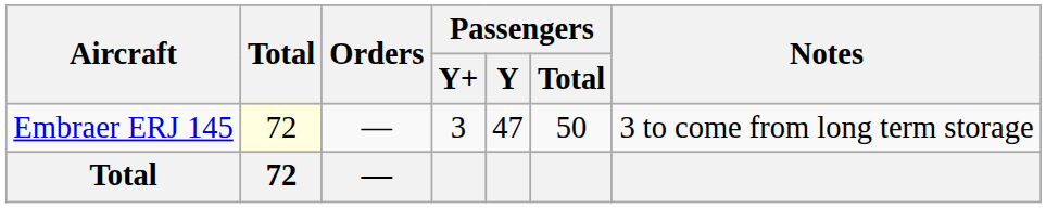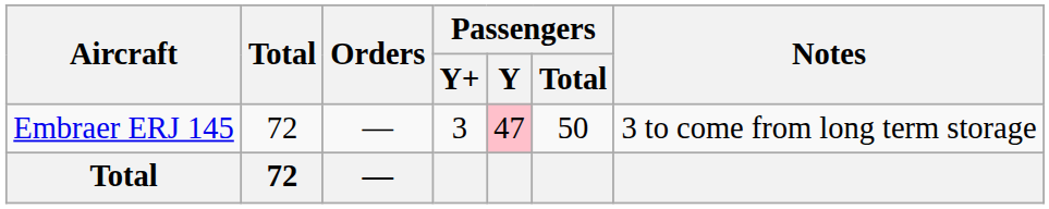 <table class="wikitable" style="text-align:center;margin:auto;">
 <tr>
 <th rowspan="2">Aircraft</th>
 <th rowspan="2">Total</th>
 <th rowspan="2">Orders</th>
 <th colspan="3">Passengers</th>
 <th rowspan="2">Notes</th>
 </tr>
 <tr>
 <th><abbr>Y+</abbr></th>
 <th><abbr>Y</abbr></th>
 <th>Total</th>
 </tr>
 <tr>
 <td><a href='#'>Embraer ERJ 145</a></td>
-<td style="background: lightyellow;">72</td>
+<td>72</td>
 <td>—</td>
 <td>3</td>
-<td>47</td>
+<td style="background: pink;">47</td>
 <td>50</td>
 <td>3 to come from long term storage</td>
 </tr>
 <tr>
 <th>Total</th>
 <th>72</th>
 <th>—</th>
 <th></th>
 <th></th>
 <th></th>
 <th></th>
 </tr>
 </table>
